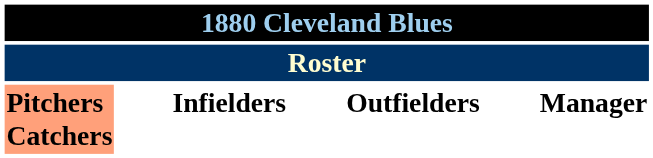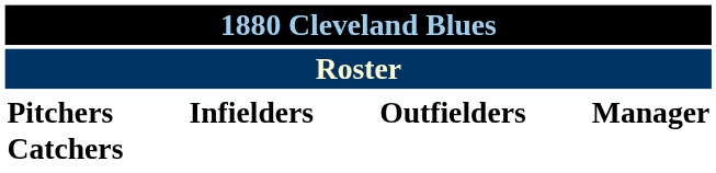 <table class="toccolours" style="font-size: 95%;">
 <tr>
 <th colspan="10" style="background-color: #000000; color: #9ECEEE; text-align: center;">1880 Cleveland Blues</th>
 </tr>
 <tr>
 <td colspan="10" style="background-color: #003366; color: #FFFDD0; text-align: center;"><strong>Roster</strong></td>
 </tr>
 <tr>
-<td valign="top" style="background: lightsalmon;"><strong>Pitchers</strong><br>  <strong>Catchers</strong>  </td>
+<td valign="top"><strong>Pitchers</strong><br>  <strong>Catchers</strong>  </td>
 <td width="25px"></td>
 <td valign="top"><strong>Infielders</strong><br>    </td>
 <td width="25px"></td>
 <td valign="top"><strong>Outfielders</strong><br>    </td>
 <td width="25px"></td>
 <td valign="top"><strong>Manager</strong><br></td>
 </tr>
 </table>
